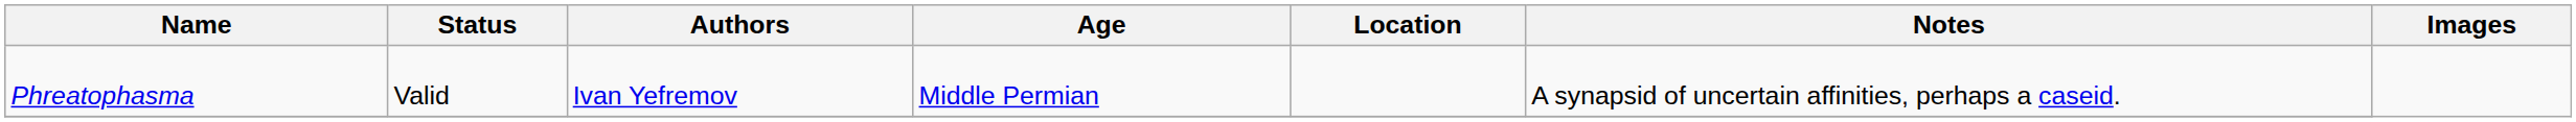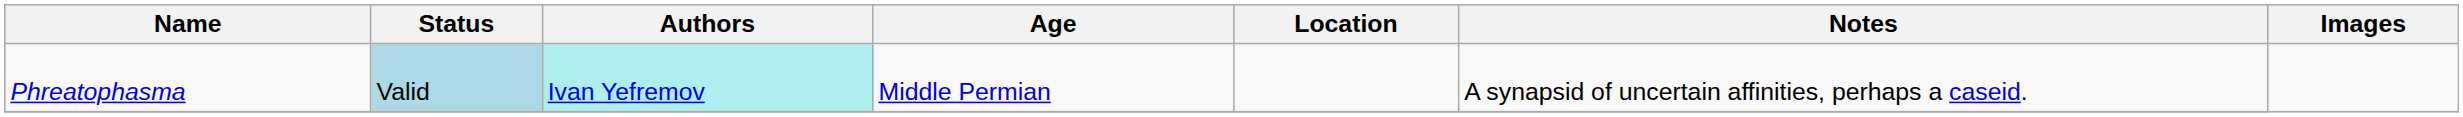 <table class="wikitable sortable" align="center" width="100%">
 <tr>
 <th>Name</th>
 <th>Status</th>
 <th>Authors</th>
 <th>Age</th>
 <th>Location</th>
 <th width="33%" class="unsortable">Notes</th>
 <th class="unsortable">Images</th>
 </tr>
 <tr>
 <td><br><em><a href='#'>Phreatophasma</a></em></td>
-<td><br>Valid</td>
-<td><br><a href='#'>Ivan Yefremov</a></td>
+<td style="background: lightblue;"><br>Valid</td>
+<td style="background: paleturquoise;"><br><a href='#'>Ivan Yefremov</a></td>
 <td><br><a href='#'>Middle Permian</a></td>
 <td><br></td>
 <td><br>A synapsid of uncertain affinities, perhaps a <a href='#'>caseid</a>.</td>
 <td rowspan="99"></td>
 </tr>
 <tr>
 </tr>
 </table>
